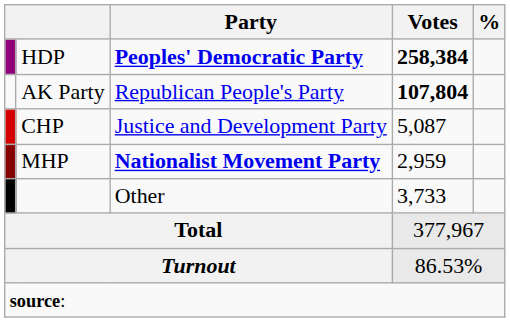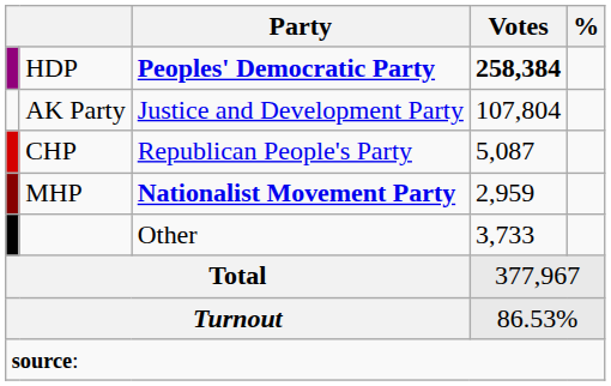 <table class="wikitable">
 <tr>
 <th colspan="2" align="center"></th>
 <th align="center">Party</th>
 <th align="center">Votes</th>
 <th align="center">%</th>
 </tr>
 <tr align="left">
 <td bgcolor="#91007B" width="1"></td>
 <td>HDP</td>
 <td><strong><a href='#'>Peoples' Democratic Party</a></strong></td>
 <td><strong>258,384</strong></td>
 <td><strong></strong></td>
 </tr>
 <tr align="left">
 <td></td>
 <td>AK Party</td>
-<td><a href='#'>Republican People's Party</a></td>
-<td><strong>107,804</strong></td>
+<td><a href='#'>Justice and Development Party</a></td>
+<td>107,804</td>
 <td></td>
 </tr>
 <tr align="left">
 <td bgcolor="#d50000" width="1"></td>
 <td>CHP</td>
-<td><a href='#'>Justice and Development Party</a></td>
+<td><a href='#'>Republican People's Party</a></td>
 <td>5,087</td>
 <td></td>
 </tr>
 <tr align="left">
 <td bgcolor="#870000" width="1"></td>
 <td>MHP</td>
 <td><strong><a href='#'>Nationalist Movement Party</a></strong></td>
 <td>2,959</td>
 <td></td>
 </tr>
 <tr align="left">
 <td bgcolor=" " width="1"></td>
 <td></td>
 <td>Other</td>
 <td>3,733</td>
 <td></td>
 </tr>
 <tr align="left" style="background-color:#E9E9E9">
 <th colspan="3" align="center"><strong>Total</strong></th>
 <td colspan="5" align="center">377,967</td>
 </tr>
 <tr align="left" style="background-color:#E9E9E9">
 <th colspan="3" align="center"><em>Turnout</em></th>
 <td colspan="5" align="center">86.53%</td>
 </tr>
 <tr>
 <td colspan="9" align="left"><small><strong>source</strong>: </small></td>
 </tr>
 </table>
